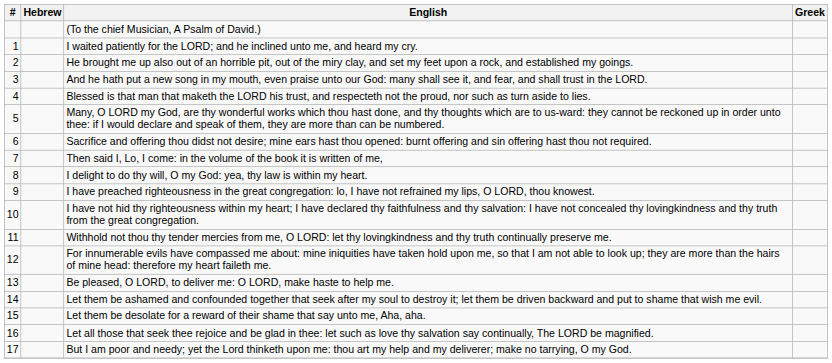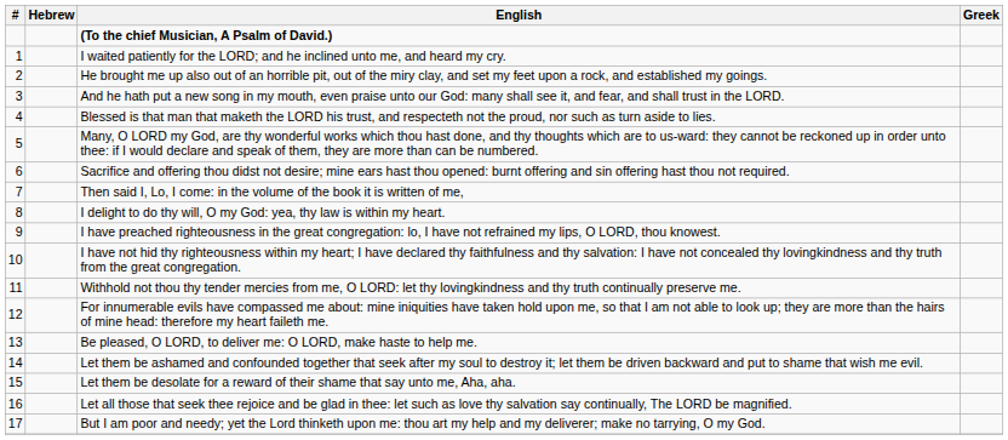 <table class=wikitable>
 <tr>
 <th>#</th>
 <th>Hebrew</th>
 <th>English</th>
 <th>Greek</th>
 </tr>
 <tr>
 <td style="text-align:right"></td>
 <td style="text-align:right"></td>
-<td>(To the chief Musician, A Psalm of David.)</td>
+<td><strong>(To the chief Musician, A Psalm of David.)</strong></td>
 <td></td>
 </tr>
 <tr>
 <td style="text-align:right">1</td>
 <td style="text-align:right"></td>
 <td>I waited patiently for the LORD; and he inclined unto me, and heard my cry.</td>
 <td></td>
 </tr>
 <tr>
 <td style="text-align:right">2</td>
 <td style="text-align:right"></td>
 <td>He brought me up also out of an horrible pit, out of the miry clay, and set my feet upon a rock, and established my goings.</td>
 <td></td>
 </tr>
 <tr>
 <td style="text-align:right">3</td>
 <td style="text-align:right"></td>
 <td>And he hath put a new song in my mouth, even praise unto our God: many shall see it, and fear, and shall trust in the LORD.</td>
 <td></td>
 </tr>
 <tr>
 <td style="text-align:right">4</td>
 <td style="text-align:right"></td>
 <td>Blessed is that man that maketh the LORD his trust, and respecteth not the proud, nor such as turn aside to lies.</td>
 <td></td>
 </tr>
 <tr>
 <td style="text-align:right">5</td>
 <td style="text-align:right"></td>
 <td>Many, O LORD my God, are thy wonderful works which thou hast done, and thy thoughts which are to us-ward: they cannot be reckoned up in order unto thee: if I would declare and speak of them, they are more than can be numbered.</td>
 <td></td>
 </tr>
 <tr>
 <td style="text-align:right">6</td>
 <td style="text-align:right"></td>
 <td>Sacrifice and offering thou didst not desire; mine ears hast thou opened: burnt offering and sin offering hast thou not required.</td>
 <td></td>
 </tr>
 <tr>
 <td style="text-align:right">7</td>
 <td style="text-align:right"></td>
 <td>Then said I, Lo, I come: in the volume of the book it is written of me,</td>
 <td></td>
 </tr>
 <tr>
 <td style="text-align:right">8</td>
 <td style="text-align:right"></td>
 <td>I delight to do thy will, O my God: yea, thy law is within my heart.</td>
 <td></td>
 </tr>
 <tr>
 <td style="text-align:right">9</td>
 <td style="text-align:right"></td>
 <td>I have preached righteousness in the great congregation: lo, I have not refrained my lips, O LORD, thou knowest.</td>
 <td></td>
 </tr>
 <tr>
 <td style="text-align:right">10</td>
 <td style="text-align:right"></td>
 <td>I have not hid thy righteousness within my heart; I have declared thy faithfulness and thy salvation: I have not concealed thy lovingkindness and thy truth from the great congregation.</td>
 <td></td>
 </tr>
 <tr>
 <td style="text-align:right">11</td>
 <td style="text-align:right"></td>
 <td>Withhold not thou thy tender mercies from me, O LORD: let thy lovingkindness and thy truth continually preserve me.</td>
 <td></td>
 </tr>
 <tr>
 <td style="text-align:right">12</td>
 <td style="text-align:right"></td>
 <td>For innumerable evils have compassed me about: mine iniquities have taken hold upon me, so that I am not able to look up; they are more than the hairs of mine head: therefore my heart faileth me.</td>
 <td></td>
 </tr>
 <tr>
 <td style="text-align:right">13</td>
 <td style="text-align:right"></td>
 <td>Be pleased, O LORD, to deliver me: O LORD, make haste to help me.</td>
 <td></td>
 </tr>
 <tr>
 <td style="text-align:right">14</td>
 <td style="text-align:right"></td>
 <td>Let them be ashamed and confounded together that seek after my soul to destroy it; let them be driven backward and put to shame that wish me evil.</td>
 <td></td>
 </tr>
 <tr>
 <td style="text-align:right">15</td>
 <td style="text-align:right"></td>
 <td>Let them be desolate for a reward of their shame that say unto me, Aha, aha.</td>
 <td></td>
 </tr>
 <tr>
 <td style="text-align:right">16</td>
 <td style="text-align:right"></td>
 <td>Let all those that seek thee rejoice and be glad in thee: let such as love thy salvation say continually, The LORD be magnified.</td>
 <td></td>
 </tr>
 <tr>
 <td style="text-align:right">17</td>
 <td style="text-align:right"></td>
 <td>But I am poor and needy; yet the Lord thinketh upon me: thou art my help and my deliverer; make no tarrying, O my God.</td>
 <td></td>
 </tr>
 <tr>
 </tr>
 </table>
